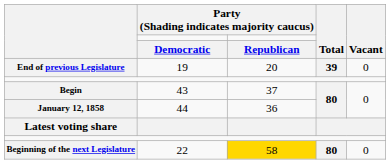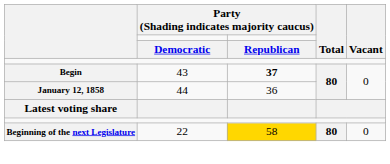 <table class=wikitable style="text-align:center">
 <tr style="vertical-align:bottom;">
 <th rowspan=3></th>
 <th colspan=2>Party <div>(Shading indicates majority caucus)</div></th>
 <th rowspan=3>Total</th>
 <th rowspan=3>Vacant</th>
 </tr>
 <tr style="height:5px">
 <td style="background-color:"></td>
 <td style="background-color:"></td>
 </tr>
 <tr>
 <th><a href='#'>Democratic</a></th>
 <th><a href='#'>Republican</a></th>
 </tr>
 <tr>
-<th style="white-space:nowrap; font-size:80%;">End of <a href='#'>previous Legislature</a></th>
-<td>19</td>
-<td>20</td>
-<th>39</th>
-<td>0</td>
-</tr>
-<tr>
 <td colspan=5></td>
 </tr>
 <tr>
 <th style="font-size:80%">Begin</th>
 <td>43</td>
-<td>37</td>
+<td><strong>37</strong></td>
 <th rowspan="2">80</th>
 <td rowspan="2">0</td>
 </tr>
 <tr>
 <th style="font-size:80%">January 12, 1858</th>
 <td>44</td>
 <td>36</td>
 </tr>
 <tr>
 <th>Latest voting share</th>
 <th></th>
 <th></th>
 <th colspan=2></th>
 </tr>
 <tr>
 <td colspan=5></td>
 </tr>
 <tr>
 <th style="white-space:nowrap; font-size:80%;">Beginning of the <a href='#'>next Legislature</a></th>
 <td>22</td>
 <td style="background: gold;">58</td>
 <th>80</th>
 <td>0</td>
 </tr>
 </table>
